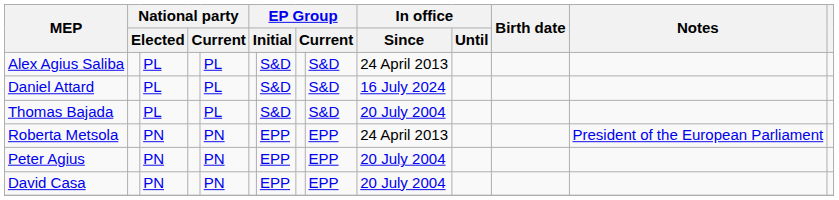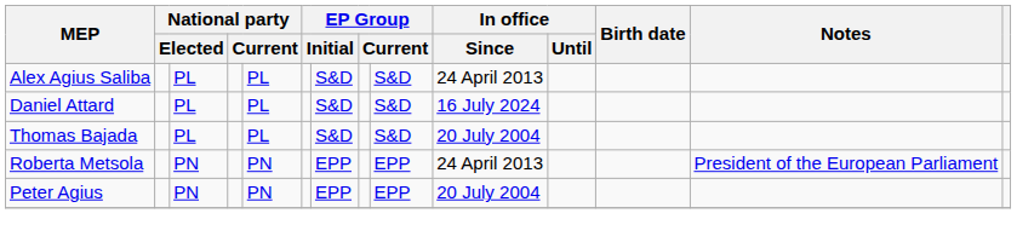 <table class="wikitable sortable" style="text-align:left">
 <tr>
 <th rowspan="2">MEP</th>
 <th colspan="4">National party</th>
 <th colspan="4"><a href='#'>EP Group</a></th>
 <th colspan="2">In office</th>
 <th rowspan="2">Birth date</th>
 <th rowspan="2">Notes</th>
 <th rowspan="2" class="unsortable"></th>
 </tr>
 <tr>
 <th colspan="2">Elected</th>
 <th colspan="2">Current</th>
 <th colspan="2">Initial</th>
 <th colspan="2">Current</th>
 <th>Since</th>
 <th>Until</th>
 </tr>
 <tr>
 <td><a href='#'>Alex Agius Saliba</a></td>
 <td style="background: "></td>
 <td><a href='#'>PL</a></td>
 <td style="background: "></td>
 <td><a href='#'>PL</a></td>
 <td style="background: "></td>
 <td><a href='#'>S&D</a></td>
 <td style="background: "></td>
 <td><a href='#'>S&D</a></td>
 <td>24 April 2013</td>
 <td></td>
 <td></td>
 <td></td>
 <td></td>
 </tr>
 <tr>
 <td><a href='#'>Daniel Attard</a></td>
 <td style="background: "></td>
 <td><a href='#'>PL</a></td>
 <td style="background: "></td>
 <td><a href='#'>PL</a></td>
 <td style="background: "></td>
 <td><a href='#'>S&D</a></td>
 <td style="background: "></td>
 <td><a href='#'>S&D</a></td>
 <td><a href='#'>16 July 2024</a></td>
 <td></td>
 <td></td>
 <td></td>
 <td></td>
 </tr>
 <tr>
 <td><a href='#'>Thomas Bajada</a></td>
 <td style="background: "></td>
 <td><a href='#'>PL</a></td>
 <td style="background: "></td>
 <td><a href='#'>PL</a></td>
 <td style="background: "></td>
 <td><a href='#'>S&D</a></td>
 <td style="background: "></td>
 <td><a href='#'>S&D</a></td>
 <td><a href='#'>20 July 2004</a></td>
 <td></td>
 <td></td>
 <td></td>
 <td></td>
 </tr>
 <tr>
 <td><a href='#'>Roberta Metsola</a></td>
 <td style="background: "></td>
 <td><a href='#'>PN</a></td>
 <td style="background: "></td>
 <td><a href='#'>PN</a></td>
 <td style="background: "></td>
 <td><a href='#'>EPP</a></td>
 <td style="background: "></td>
 <td><a href='#'>EPP</a></td>
 <td>24 April 2013</td>
 <td></td>
 <td></td>
 <td><a href='#'>President of the European Parliament</a></td>
 <td></td>
 </tr>
 <tr>
 <td><a href='#'>Peter Agius</a></td>
 <td style="background: "></td>
 <td><a href='#'>PN</a></td>
 <td style="background: "></td>
 <td><a href='#'>PN</a></td>
 <td style="background: "></td>
 <td><a href='#'>EPP</a></td>
 <td style="background: "></td>
 <td><a href='#'>EPP</a></td>
 <td><a href='#'>20 July 2004</a></td>
 <td></td>
 <td></td>
 <td></td>
 <td></td>
 </tr>
 <tr>
-<td><a href='#'>David Casa</a></td>
-<td style="background: "></td>
-<td><a href='#'>PN</a></td>
-<td style="background: "></td>
-<td><a href='#'>PN</a></td>
-<td style="background: "></td>
-<td><a href='#'>EPP</a></td>
-<td style="background: "></td>
-<td><a href='#'>EPP</a></td>
-<td><a href='#'>20 July 2004</a></td>
-<td></td>
-<td></td>
-<td></td>
-<td></td>
-</tr>
-<tr>
 </tr>
 </table>
